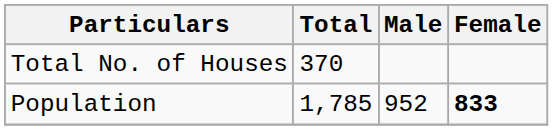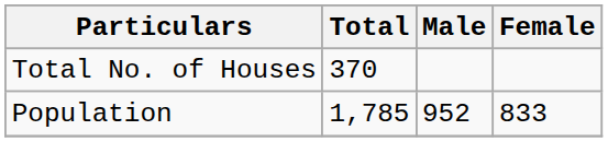 <table class="wikitable sortable">
 <tr>
 <th>Particulars</th>
 <th>Total</th>
 <th>Male</th>
 <th>Female</th>
 </tr>
 <tr>
 <td>Total No. of Houses</td>
 <td>370</td>
 <td></td>
 <td></td>
 </tr>
 <tr>
 <td>Population</td>
 <td>1,785</td>
 <td>952</td>
-<td><strong>833</strong></td>
+<td>833</td>
 </tr>
 <tr>
 </tr>
 </table>
